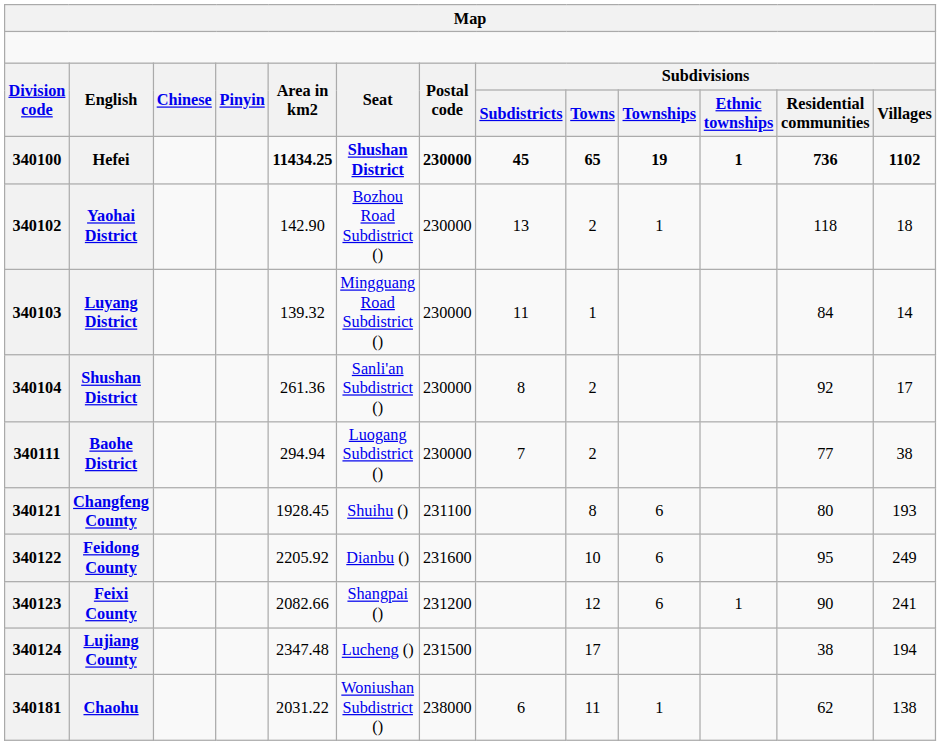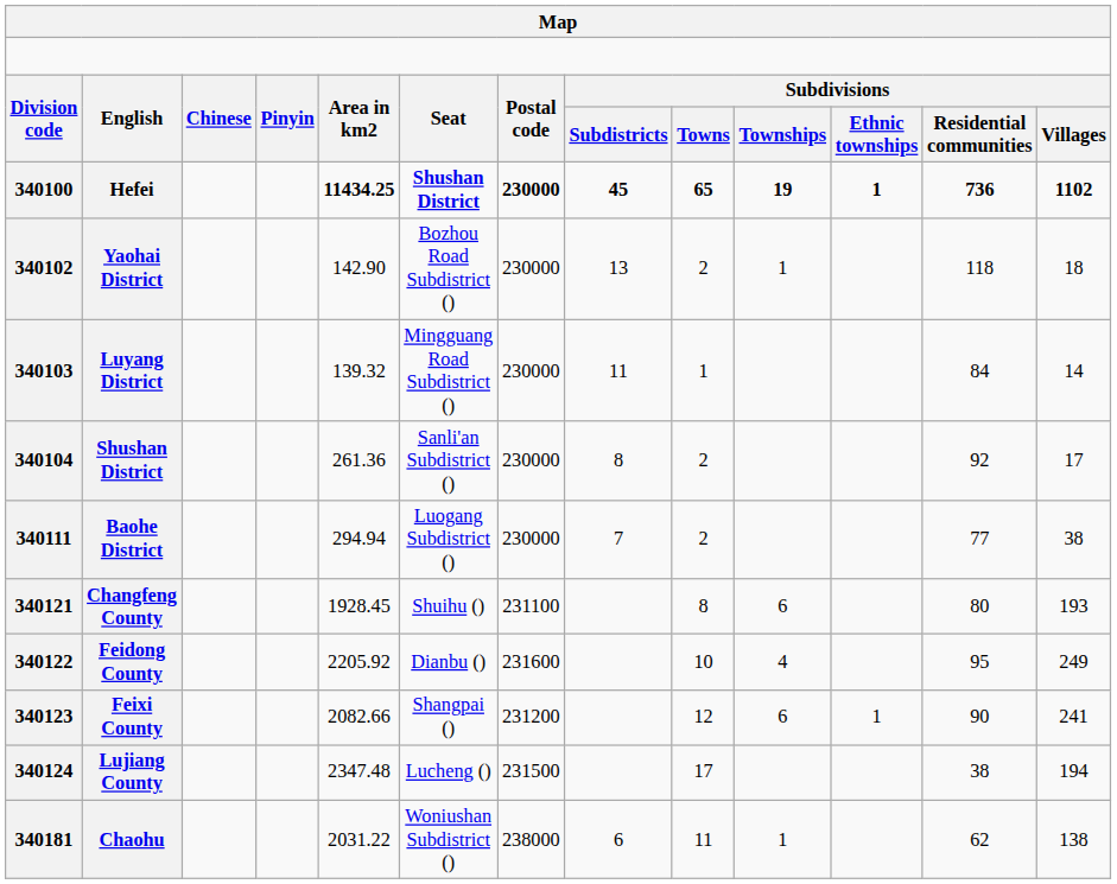 <table class="wikitable" align="center" style="width:70%; font-size:smaller" border="1">
 <tr>
 <th colspan="13">Map</th>
 </tr>
 <tr>
 <td colspan=13 align="center" style="font-size:larger"><br><div>              </div></td>
 </tr>
 <tr>
 <th ! scope="col" rowspan=2><a href='#'>Division code</a></th>
 <th ! scope="col" rowspan=2>English</th>
 <th ! scope="col" rowspan=2><a href='#'>Chinese</a></th>
 <th ! scope="col" rowspan=2><a href='#'>Pinyin</a></th>
 <th ! scope="col" rowspan=2>Area in km2</th>
 <th ! scope="col" rowspan=2>Seat</th>
 <th ! scope="col" rowspan=2>Postal code</th>
 <th ! scope="col" colspan=6>Subdivisions</th>
 </tr>
 <tr>
 <th ! scope="col" width="45"><a href='#'>Subdistricts</a></th>
 <th ! scope="col" width="45"><a href='#'>Towns</a></th>
 <th ! scope="col" width="45"><a href='#'>Townships</a></th>
 <th ! scope="col" width="45"><a href='#'>Ethnic townships</a></th>
 <th ! scope="col" width="45">Residential communities</th>
 <th ! scope="col" width="45">Villages</th>
 </tr>
 <tr align="center" style="font-weight:bold">
 <th>340100</th>
 <th>Hefei</th>
 <td></td>
 <td></td>
 <td>11434.25</td>
 <td><a href='#'>Shushan District</a></td>
 <td>230000</td>
 <td>45</td>
 <td>65</td>
 <td>19</td>
 <td>1</td>
 <td>736</td>
 <td>1102</td>
 </tr>
 <tr align="center">
 <th>340102</th>
 <th><a href='#'>Yaohai District</a></th>
 <td></td>
 <td></td>
 <td>142.90</td>
 <td><a href='#'>Bozhou Road Subdistrict</a> ()</td>
 <td>230000</td>
 <td>13</td>
 <td>2</td>
 <td>1</td>
 <td></td>
 <td>118</td>
 <td>18</td>
 </tr>
 <tr align="center">
 <th>340103</th>
 <th><a href='#'>Luyang District</a></th>
 <td></td>
 <td></td>
 <td>139.32</td>
 <td><a href='#'>Mingguang Road Subdistrict</a> ()</td>
 <td>230000</td>
 <td>11</td>
 <td>1</td>
 <td></td>
 <td></td>
 <td>84</td>
 <td>14</td>
 </tr>
 <tr align="center">
 <th>340104</th>
 <th><a href='#'>Shushan District</a></th>
 <td></td>
 <td></td>
 <td>261.36</td>
 <td><a href='#'>Sanli'an Subdistrict</a> ()</td>
 <td>230000</td>
 <td>8</td>
 <td>2</td>
 <td></td>
 <td></td>
 <td>92</td>
 <td>17</td>
 </tr>
 <tr align="center">
 <th>340111</th>
 <th><a href='#'>Baohe District</a></th>
 <td></td>
 <td></td>
 <td>294.94</td>
 <td><a href='#'>Luogang Subdistrict</a> ()</td>
 <td>230000</td>
 <td>7</td>
 <td>2</td>
 <td></td>
 <td></td>
 <td>77</td>
 <td>38</td>
 </tr>
 <tr align="center">
 <th>340121</th>
 <th><a href='#'>Changfeng County</a></th>
 <td></td>
 <td></td>
 <td>1928.45</td>
 <td><a href='#'>Shuihu</a> ()</td>
 <td>231100</td>
 <td></td>
 <td>8</td>
 <td>6</td>
 <td></td>
 <td>80</td>
 <td>193</td>
 </tr>
 <tr align="center">
 <th>340122</th>
 <th><a href='#'>Feidong County</a></th>
 <td></td>
 <td></td>
 <td>2205.92</td>
 <td><a href='#'>Dianbu</a> ()</td>
 <td>231600</td>
 <td></td>
 <td>10</td>
-<td>6</td>
+<td>4</td>
 <td></td>
 <td>95</td>
 <td>249</td>
 </tr>
 <tr align="center">
 <th>340123</th>
 <th><a href='#'>Feixi County</a></th>
 <td></td>
 <td></td>
 <td>2082.66</td>
 <td><a href='#'>Shangpai</a> ()</td>
 <td>231200</td>
 <td></td>
 <td>12</td>
 <td>6</td>
 <td>1</td>
 <td>90</td>
 <td>241</td>
 </tr>
 <tr align="center">
 <th>340124</th>
 <th><a href='#'>Lujiang County</a></th>
 <td></td>
 <td></td>
 <td>2347.48</td>
 <td><a href='#'>Lucheng</a> ()</td>
 <td>231500</td>
 <td></td>
 <td>17</td>
 <td></td>
 <td></td>
 <td>38</td>
 <td>194</td>
 </tr>
 <tr align="center">
 <th>340181</th>
 <th><a href='#'>Chaohu</a></th>
 <td></td>
 <td></td>
 <td>2031.22</td>
 <td><a href='#'>Woniushan Subdistrict</a> ()</td>
 <td>238000</td>
 <td>6</td>
 <td>11</td>
 <td>1</td>
 <td></td>
 <td>62</td>
 <td>138</td>
 </tr>
 </table>
